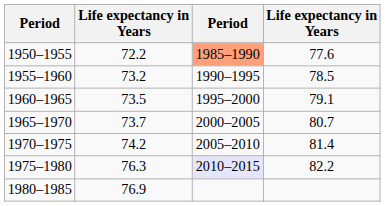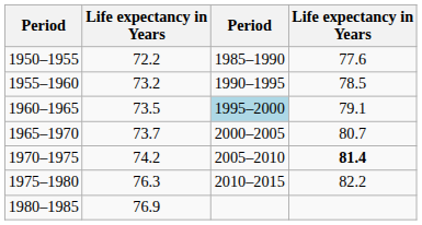 <table class="wikitable" style="text-align: center;">
 <tr>
 <th>Period</th>
 <th>Life expectancy in<br>Years</th>
 <th>Period</th>
 <th>Life expectancy in<br>Years</th>
 </tr>
 <tr>
 <td>1950–1955</td>
 <td>72.2</td>
-<td style="background: lightsalmon;">1985–1990</td>
+<td>1985–1990</td>
 <td>77.6</td>
 </tr>
 <tr>
 <td>1955–1960</td>
 <td>73.2</td>
 <td>1990–1995</td>
 <td>78.5</td>
 </tr>
 <tr>
 <td>1960–1965</td>
 <td>73.5</td>
-<td>1995–2000</td>
+<td style="background: lightblue;">1995–2000</td>
 <td>79.1</td>
 </tr>
 <tr>
 <td>1965–1970</td>
 <td>73.7</td>
 <td>2000–2005</td>
 <td>80.7</td>
 </tr>
 <tr>
 <td>1970–1975</td>
 <td>74.2</td>
 <td>2005–2010</td>
-<td>81.4</td>
+<td><strong>81.4</strong></td>
 </tr>
 <tr>
 <td>1975–1980</td>
 <td>76.3</td>
-<td style="background: lavender;">2010–2015</td>
+<td>2010–2015</td>
 <td>82.2</td>
 </tr>
 <tr>
 <td>1980–1985</td>
 <td>76.9</td>
 <td></td>
 <td></td>
 </tr>
 </table>
